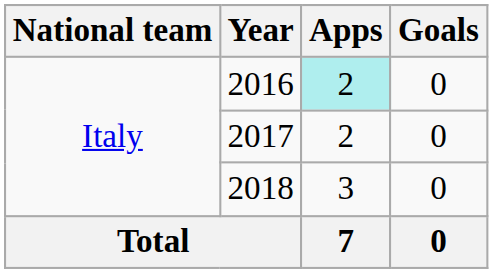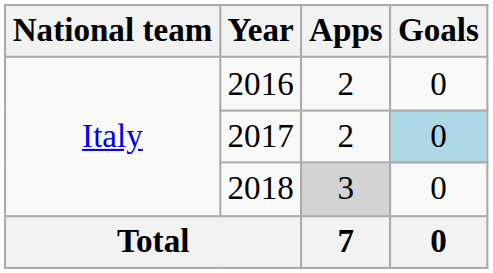 <table class="wikitable" style="text-align:center">
 <tr>
 <th>National team</th>
 <th>Year</th>
 <th>Apps</th>
 <th>Goals</th>
 </tr>
 <tr>
 <td rowspan="3"><a href='#'>Italy</a></td>
 <td>2016</td>
-<td style="background: paleturquoise;">2</td>
+<td>2</td>
 <td>0</td>
 </tr>
 <tr>
 <td>2017</td>
 <td>2</td>
-<td>0</td>
+<td style="background: lightblue;">0</td>
 </tr>
 <tr>
 <td>2018</td>
-<td>3</td>
+<td style="background: lightgrey;">3</td>
 <td>0</td>
 </tr>
 <tr>
 <th colspan="2">Total</th>
 <th>7</th>
 <th>0</th>
 </tr>
 </table>
